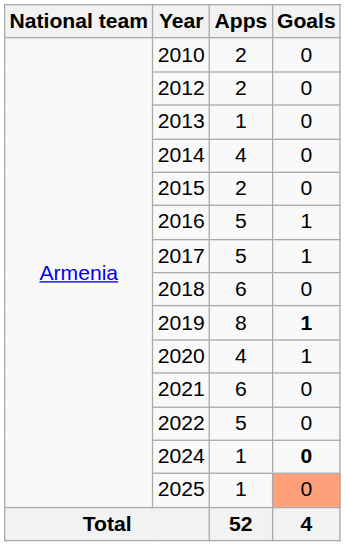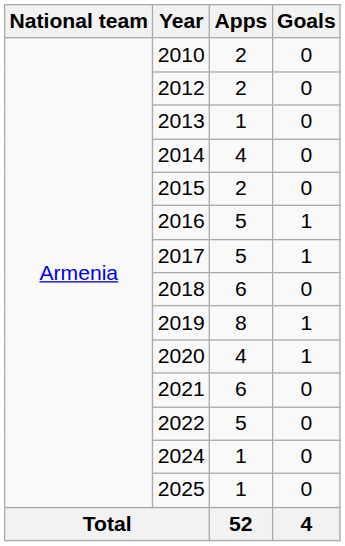 <table class="wikitable" style="text-align:center">
 <tr>
 <th>National team</th>
 <th>Year</th>
 <th>Apps</th>
 <th>Goals</th>
 </tr>
 <tr>
 <td rowspan="14"><a href='#'>Armenia</a></td>
 <td>2010</td>
 <td>2</td>
 <td>0</td>
 </tr>
 <tr>
 <td>2012</td>
 <td>2</td>
 <td>0</td>
 </tr>
 <tr>
 <td>2013</td>
 <td>1</td>
 <td>0</td>
 </tr>
 <tr>
 <td>2014</td>
 <td>4</td>
 <td>0</td>
 </tr>
 <tr>
 <td>2015</td>
 <td>2</td>
 <td>0</td>
 </tr>
 <tr>
 <td>2016</td>
 <td>5</td>
 <td>1</td>
 </tr>
 <tr>
 <td>2017</td>
 <td>5</td>
 <td>1</td>
 </tr>
 <tr>
 <td>2018</td>
 <td>6</td>
 <td>0</td>
 </tr>
 <tr>
 <td>2019</td>
 <td>8</td>
-<td><strong>1</strong></td>
+<td>1</td>
 </tr>
 <tr>
 <td>2020</td>
 <td>4</td>
 <td>1</td>
 </tr>
 <tr>
 <td>2021</td>
 <td>6</td>
 <td>0</td>
 </tr>
 <tr>
 <td>2022</td>
 <td>5</td>
 <td>0</td>
 </tr>
 <tr>
 <td>2024</td>
 <td>1</td>
-<td><strong>0</strong></td>
+<td>0</td>
 </tr>
 <tr>
 <td>2025</td>
 <td>1</td>
-<td style="background: lightsalmon;">0</td>
+<td>0</td>
 </tr>
 <tr>
 <th colspan="2">Total</th>
 <th>52</th>
 <th>4</th>
 </tr>
 </table>
